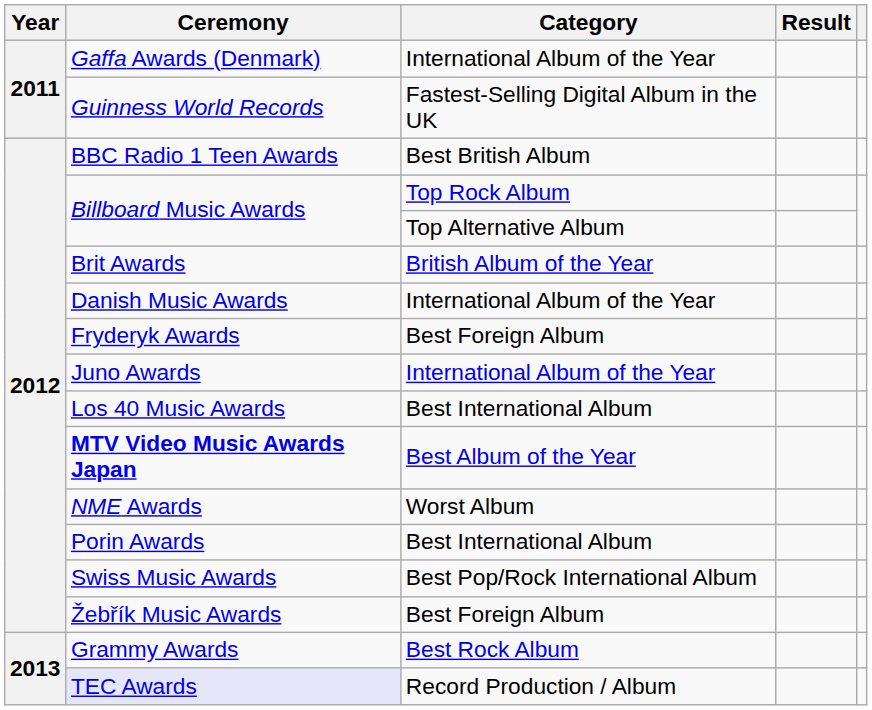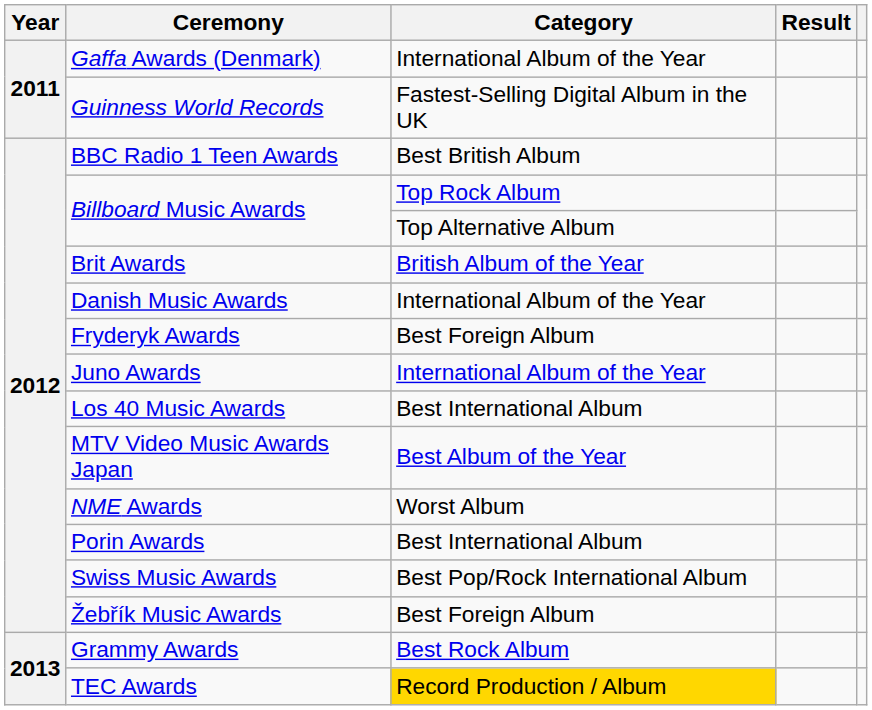 <table class="wikitable sortable plainrowheaders">
 <tr>
 <th scope="col">Year</th>
 <th scope="col">Ceremony</th>
 <th scope="col">Category</th>
 <th scope="col">Result</th>
 <th scope="col" class="unsortable"></th>
 </tr>
 <tr>
 <th rowspan="2" scope="row" style="text-align:center;">2011</th>
 <td><a href='#'><em>Gaffa</em> Awards (Denmark)</a></td>
 <td>International Album of the Year</td>
 <td></td>
 <td style="text-align:center;"></td>
 </tr>
 <tr>
 <td><em><a href='#'>Guinness World Records</a></em></td>
 <td>Fastest-Selling Digital Album in the UK</td>
 <td></td>
 <td style="text-align:center;"></td>
 </tr>
 <tr>
 <th rowspan="13" scope="row" style="text-align:center;">2012</th>
 <td><a href='#'>BBC Radio 1 Teen Awards</a></td>
 <td>Best British Album</td>
 <td></td>
 <td style="text-align:center;"></td>
 </tr>
 <tr>
 <td rowspan="2"><a href='#'><em>Billboard</em> Music Awards</a></td>
 <td><a href='#'>Top Rock Album</a></td>
 <td></td>
 <td rowspan="2" style="text-align:center;"></td>
 </tr>
 <tr>
 <td>Top Alternative Album</td>
 <td></td>
 </tr>
 <tr>
 <td><a href='#'>Brit Awards</a></td>
 <td><a href='#'>British Album of the Year</a></td>
 <td></td>
 <td style="text-align:center;"></td>
 </tr>
 <tr>
 <td><a href='#'>Danish Music Awards</a></td>
 <td>International Album of the Year</td>
 <td></td>
 <td style="text-align:center;"></td>
 </tr>
 <tr>
 <td><a href='#'>Fryderyk Awards</a></td>
 <td>Best Foreign Album</td>
 <td></td>
 <td style="text-align:center;"></td>
 </tr>
 <tr>
 <td><a href='#'>Juno Awards</a></td>
 <td><a href='#'>International Album of the Year</a></td>
 <td></td>
 <td style="text-align:center;"></td>
 </tr>
 <tr>
 <td><a href='#'>Los 40 Music Awards</a></td>
 <td>Best International Album</td>
 <td></td>
 <td style="text-align:center;"></td>
 </tr>
 <tr>
-<td><strong><a href='#'>MTV Video Music Awards Japan</a></strong></td>
+<td><a href='#'>MTV Video Music Awards Japan</a></td>
 <td><a href='#'>Best Album of the Year</a></td>
 <td></td>
 <td style="text-align:center;"></td>
 </tr>
 <tr>
 <td><a href='#'><em>NME</em> Awards</a></td>
 <td>Worst Album</td>
 <td></td>
 <td style="text-align:center;"></td>
 </tr>
 <tr>
 <td><a href='#'>Porin Awards</a></td>
 <td>Best International Album</td>
 <td></td>
 <td style="text-align:center;"></td>
 </tr>
 <tr>
 <td><a href='#'>Swiss Music Awards</a></td>
 <td>Best Pop/Rock International Album</td>
 <td></td>
 <td style="text-align:center;"></td>
 </tr>
 <tr>
 <td><a href='#'>Žebřík Music Awards</a></td>
 <td>Best Foreign Album</td>
 <td></td>
 <td style="text-align:center;"></td>
 </tr>
 <tr>
 <th rowspan="2" scope="row" style="text-align:center;">2013</th>
 <td><a href='#'>Grammy Awards</a></td>
 <td><a href='#'>Best Rock Album</a></td>
 <td></td>
 <td style="text-align:center;"></td>
 </tr>
 <tr>
-<td style="background: lavender;"><a href='#'>TEC Awards</a></td>
-<td>Record Production / Album</td>
+<td><a href='#'>TEC Awards</a></td>
+<td style="background: gold;">Record Production / Album</td>
 <td></td>
 <td style="text-align:center;"></td>
 </tr>
 </table>
